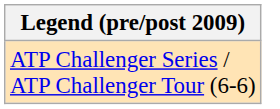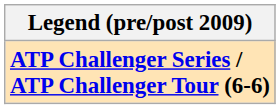 <table class="wikitable">
 <tr>
 <th>Legend (pre/post 2009)</th>
 </tr>
 <tr style="background:moccasin">
-<td><a href='#'>ATP Challenger Series</a> /<br><a href='#'>ATP Challenger Tour</a> (6-6)</td>
+<td><strong><a href='#'>ATP Challenger Series</a> /<br><a href='#'>ATP Challenger Tour</a> (6-6)</strong></td>
 </tr>
 </table>
